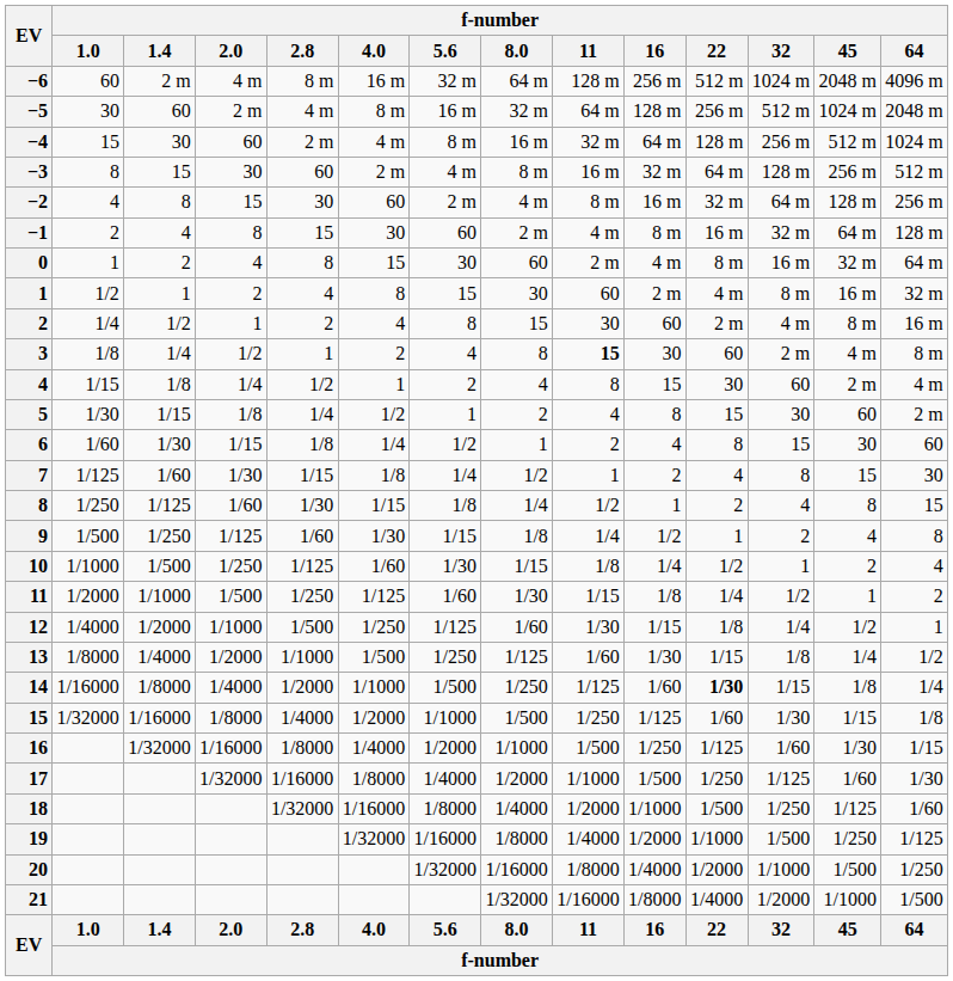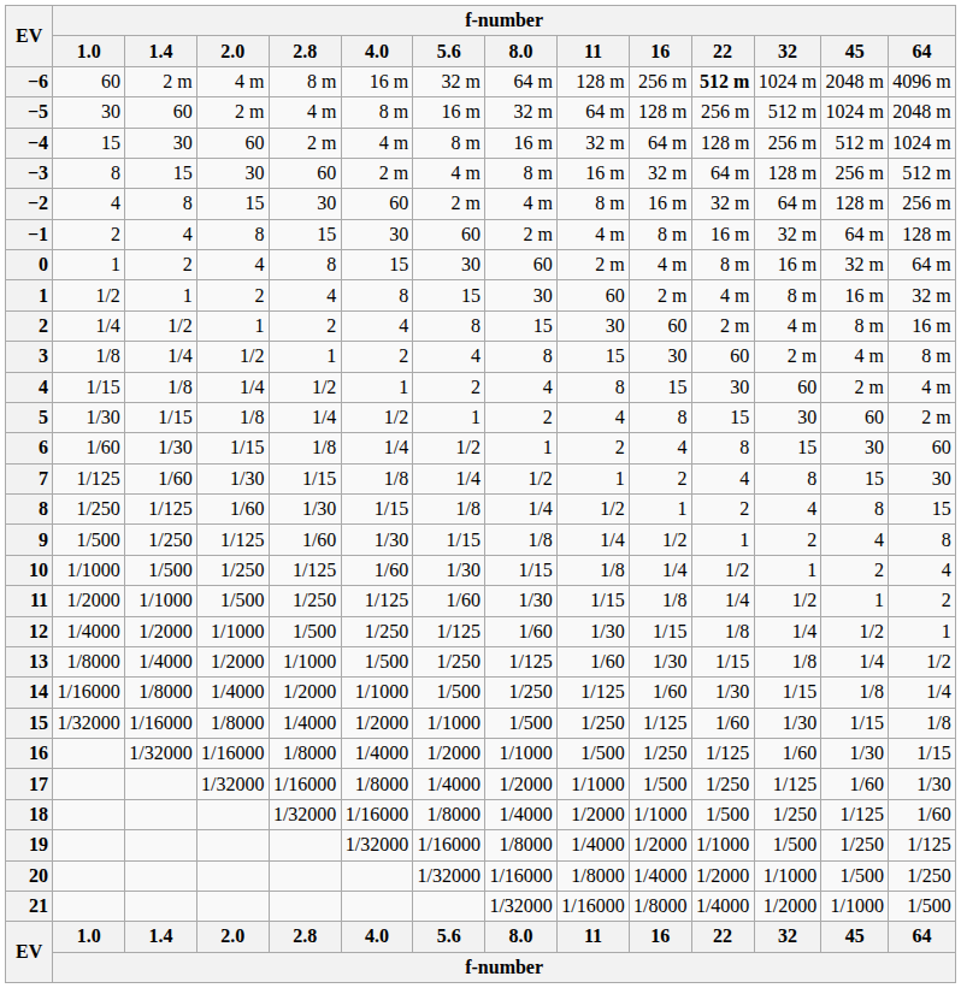 <table class="wikitable plainrowheaders" style="text-align: right;" id="Table1">
 <tr>
 <th scope="col" rowspan="2" style="padding: 0.1em 0.5em;">EV</th>
 <th scope="col" colspan="13">f-number</th>
 </tr>
 <tr>
 <th scope="col">1.0</th>
 <th scope="col">1.4</th>
 <th scope="col">2.0</th>
 <th scope="col">2.8</th>
 <th scope="col">4.0</th>
 <th scope="col">5.6</th>
 <th scope="col">8.0</th>
 <th scope="col">11</th>
 <th scope="col">16</th>
 <th scope="col">22</th>
 <th scope="col">32</th>
 <th scope="col">45</th>
 <th scope="col">64</th>
 </tr>
 <tr>
 <th scope="row" style="text-align: right;">−6</th>
 <td>60</td>
 <td>2 m</td>
 <td>4 m</td>
 <td>8 m</td>
 <td>16 m</td>
 <td>32 m</td>
 <td>64 m</td>
 <td>128 m</td>
 <td>256 m</td>
-<td>512 m</td>
+<td><strong>512 m</strong></td>
 <td>1024 m</td>
 <td>2048 m</td>
 <td>4096 m</td>
 </tr>
 <tr>
 <th scope="row" style="text-align: right;">−5</th>
 <td>30</td>
 <td>60</td>
 <td>2 m</td>
 <td>4 m</td>
 <td>8 m</td>
 <td>16 m</td>
 <td>32 m</td>
 <td>64 m</td>
 <td>128 m</td>
 <td>256 m</td>
 <td>512 m</td>
 <td>1024 m</td>
 <td>2048 m</td>
 </tr>
 <tr>
 <th scope="row" style="text-align: right;">−4</th>
 <td>15</td>
 <td>30</td>
 <td>60</td>
 <td>2 m</td>
 <td>4 m</td>
 <td>8 m</td>
 <td>16 m</td>
 <td>32 m</td>
 <td>64 m</td>
 <td>128 m</td>
 <td>256 m</td>
 <td>512 m</td>
 <td>1024 m</td>
 </tr>
 <tr>
 <th scope="row" style="text-align: right;">−3</th>
 <td>8</td>
 <td>15</td>
 <td>30</td>
 <td>60</td>
 <td>2 m</td>
 <td>4 m</td>
 <td>8 m</td>
 <td>16 m</td>
 <td>32 m</td>
 <td>64 m</td>
 <td>128 m</td>
 <td>256 m</td>
 <td>512 m</td>
 </tr>
 <tr>
 <th scope="row" style="text-align: right;">−2</th>
 <td>4</td>
 <td>8</td>
 <td>15</td>
 <td>30</td>
 <td>60</td>
 <td>2 m</td>
 <td>4 m</td>
 <td>8 m</td>
 <td>16 m</td>
 <td>32 m</td>
 <td>64 m</td>
 <td>128 m</td>
 <td>256 m</td>
 </tr>
 <tr>
 <th scope="row" style="text-align: right;">−1</th>
 <td>2</td>
 <td>4</td>
 <td>8</td>
 <td>15</td>
 <td>30</td>
 <td>60</td>
 <td>2 m</td>
 <td>4 m</td>
 <td>8 m</td>
 <td>16 m</td>
 <td>32 m</td>
 <td>64 m</td>
 <td>128 m</td>
 </tr>
 <tr>
 <th scope="row" style="text-align: right;">0</th>
 <td>1</td>
 <td>2</td>
 <td>4</td>
 <td>8</td>
 <td>15</td>
 <td>30</td>
 <td>60</td>
 <td>2 m</td>
 <td>4 m</td>
 <td>8 m</td>
 <td>16 m</td>
 <td>32 m</td>
 <td>64 m</td>
 </tr>
 <tr>
 <th scope="row" style="text-align: right;">1</th>
 <td>1/2</td>
 <td>1</td>
 <td>2</td>
 <td>4</td>
 <td>8</td>
 <td>15</td>
 <td>30</td>
 <td>60</td>
 <td>2 m</td>
 <td>4 m</td>
 <td>8 m</td>
 <td>16 m</td>
 <td>32 m</td>
 </tr>
 <tr>
 <th scope="row" style="text-align: right;">2</th>
 <td>1/4</td>
 <td>1/2</td>
 <td>1</td>
 <td>2</td>
 <td>4</td>
 <td>8</td>
 <td>15</td>
 <td>30</td>
 <td>60</td>
 <td>2 m</td>
 <td>4 m</td>
 <td>8 m</td>
 <td>16 m</td>
 </tr>
 <tr>
 <th scope="row" style="text-align: right;">3</th>
 <td>1/8</td>
 <td>1/4</td>
 <td>1/2</td>
 <td>1</td>
 <td>2</td>
 <td>4</td>
 <td>8</td>
-<td><strong>15</strong></td>
+<td>15</td>
 <td>30</td>
 <td>60</td>
 <td>2 m</td>
 <td>4 m</td>
 <td>8 m</td>
 </tr>
 <tr>
 <th scope="row" style="text-align: right;">4</th>
 <td>1/15</td>
 <td>1/8</td>
 <td>1/4</td>
 <td>1/2</td>
 <td>1</td>
 <td>2</td>
 <td>4</td>
 <td>8</td>
 <td>15</td>
 <td>30</td>
 <td>60</td>
 <td>2 m</td>
 <td>4 m</td>
 </tr>
 <tr>
 <th scope="row" style="text-align: right;">5</th>
 <td>1/30</td>
 <td>1/15</td>
 <td>1/8</td>
 <td>1/4</td>
 <td>1/2</td>
 <td>1</td>
 <td>2</td>
 <td>4</td>
 <td>8</td>
 <td>15</td>
 <td>30</td>
 <td>60</td>
 <td>2 m</td>
 </tr>
 <tr>
 <th scope="row" style="text-align: right;">6</th>
 <td>1/60</td>
 <td>1/30</td>
 <td>1/15</td>
 <td>1/8</td>
 <td>1/4</td>
 <td>1/2</td>
 <td>1</td>
 <td>2</td>
 <td>4</td>
 <td>8</td>
 <td>15</td>
 <td>30</td>
 <td>60</td>
 </tr>
 <tr>
 <th scope="row" style="text-align: right;">7</th>
 <td>1/125</td>
 <td>1/60</td>
 <td>1/30</td>
 <td>1/15</td>
 <td>1/8</td>
 <td>1/4</td>
 <td>1/2</td>
 <td>1</td>
 <td>2</td>
 <td>4</td>
 <td>8</td>
 <td>15</td>
 <td>30</td>
 </tr>
 <tr>
 <th scope="row" style="text-align: right;">8</th>
 <td>1/250</td>
 <td>1/125</td>
 <td>1/60</td>
 <td>1/30</td>
 <td>1/15</td>
 <td>1/8</td>
 <td>1/4</td>
 <td>1/2</td>
 <td>1</td>
 <td>2</td>
 <td>4</td>
 <td>8</td>
 <td>15</td>
 </tr>
 <tr>
 <th scope="row" style="text-align: right;">9</th>
 <td>1/500</td>
 <td>1/250</td>
 <td>1/125</td>
 <td>1/60</td>
 <td>1/30</td>
 <td>1/15</td>
 <td>1/8</td>
 <td>1/4</td>
 <td>1/2</td>
 <td>1</td>
 <td>2</td>
 <td>4</td>
 <td>8</td>
 </tr>
 <tr>
 <th scope="row" style="text-align: right;">10</th>
 <td>1/1000</td>
 <td>1/500</td>
 <td>1/250</td>
 <td>1/125</td>
 <td>1/60</td>
 <td>1/30</td>
 <td>1/15</td>
 <td>1/8</td>
 <td>1/4</td>
 <td>1/2</td>
 <td>1</td>
 <td>2</td>
 <td>4</td>
 </tr>
 <tr>
 <th scope="row" style="text-align: right;">11</th>
 <td>1/2000</td>
 <td>1/1000</td>
 <td>1/500</td>
 <td>1/250</td>
 <td>1/125</td>
 <td>1/60</td>
 <td>1/30</td>
 <td>1/15</td>
 <td>1/8</td>
 <td>1/4</td>
 <td>1/2</td>
 <td>1</td>
 <td>2</td>
 </tr>
 <tr>
 <th scope="row" style="text-align: right;">12</th>
 <td>1/4000</td>
 <td>1/2000</td>
 <td>1/1000</td>
 <td>1/500</td>
 <td>1/250</td>
 <td>1/125</td>
 <td>1/60</td>
 <td>1/30</td>
 <td>1/15</td>
 <td>1/8</td>
 <td>1/4</td>
 <td>1/2</td>
 <td>1</td>
 </tr>
 <tr>
 <th scope="row" style="text-align: right;">13</th>
 <td>1/8000</td>
 <td>1/4000</td>
 <td>1/2000</td>
 <td>1/1000</td>
 <td>1/500</td>
 <td>1/250</td>
 <td>1/125</td>
 <td>1/60</td>
 <td>1/30</td>
 <td>1/15</td>
 <td>1/8</td>
 <td>1/4</td>
 <td>1/2</td>
 </tr>
 <tr>
 <th scope="row" style="text-align: right;">14</th>
 <td>1/16000</td>
 <td>1/8000</td>
 <td>1/4000</td>
 <td>1/2000</td>
 <td>1/1000</td>
 <td>1/500</td>
 <td>1/250</td>
 <td>1/125</td>
 <td>1/60</td>
-<td><strong>1/30</strong></td>
+<td>1/30</td>
 <td>1/15</td>
 <td>1/8</td>
 <td>1/4</td>
 </tr>
 <tr>
 <th scope="row" style="text-align: right;">15</th>
 <td>1/32000</td>
 <td>1/16000</td>
 <td>1/8000</td>
 <td>1/4000</td>
 <td>1/2000</td>
 <td>1/1000</td>
 <td>1/500</td>
 <td>1/250</td>
 <td>1/125</td>
 <td>1/60</td>
 <td>1/30</td>
 <td>1/15</td>
 <td>1/8</td>
 </tr>
 <tr>
 <th scope="row" style="text-align: right;">16</th>
 <td></td>
 <td>1/32000</td>
 <td>1/16000</td>
 <td>1/8000</td>
 <td>1/4000</td>
 <td>1/2000</td>
 <td>1/1000</td>
 <td>1/500</td>
 <td>1/250</td>
 <td>1/125</td>
 <td>1/60</td>
 <td>1/30</td>
 <td>1/15</td>
 </tr>
 <tr>
 <th scope="row" style="text-align: right;">17</th>
 <td></td>
 <td></td>
 <td>1/32000</td>
 <td>1/16000</td>
 <td>1/8000</td>
 <td>1/4000</td>
 <td>1/2000</td>
 <td>1/1000</td>
 <td>1/500</td>
 <td>1/250</td>
 <td>1/125</td>
 <td>1/60</td>
 <td>1/30</td>
 </tr>
 <tr>
 <th scope="row" style="text-align: right;">18</th>
 <td></td>
 <td></td>
 <td></td>
 <td>1/32000</td>
 <td>1/16000</td>
 <td>1/8000</td>
 <td>1/4000</td>
 <td>1/2000</td>
 <td>1/1000</td>
 <td>1/500</td>
 <td>1/250</td>
 <td>1/125</td>
 <td>1/60</td>
 </tr>
 <tr>
 <th scope="row" style="text-align: right;">19</th>
 <td></td>
 <td></td>
 <td></td>
 <td></td>
 <td>1/32000</td>
 <td>1/16000</td>
 <td>1/8000</td>
 <td>1/4000</td>
 <td>1/2000</td>
 <td>1/1000</td>
 <td>1/500</td>
 <td>1/250</td>
 <td>1/125</td>
 </tr>
 <tr>
 <th scope="row" style="text-align: right;">20</th>
 <td></td>
 <td></td>
 <td></td>
 <td></td>
 <td></td>
 <td>1/32000</td>
 <td>1/16000</td>
 <td>1/8000</td>
 <td>1/4000</td>
 <td>1/2000</td>
 <td>1/1000</td>
 <td>1/500</td>
 <td>1/250</td>
 </tr>
 <tr>
 <th scope="row" style="text-align: right;">21</th>
 <td></td>
 <td></td>
 <td></td>
 <td></td>
 <td></td>
 <td></td>
 <td>1/32000</td>
 <td>1/16000</td>
 <td>1/8000</td>
 <td>1/4000</td>
 <td>1/2000</td>
 <td>1/1000</td>
 <td>1/500</td>
 </tr>
 <tr>
 <th scope="col" rowspan="2">EV</th>
 <th scope="col">1.0</th>
 <th scope="col">1.4</th>
 <th scope="col">2.0</th>
 <th scope="col">2.8</th>
 <th scope="col">4.0</th>
 <th scope="col">5.6</th>
 <th scope="col">8.0</th>
 <th scope="col">11</th>
 <th scope="col">16</th>
 <th scope="col">22</th>
 <th scope="col">32</th>
 <th scope="col">45</th>
 <th scope="col">64</th>
 </tr>
 <tr>
 <th scope="col" colspan="13">f-number</th>
 </tr>
 <tr>
 </tr>
 </table>
